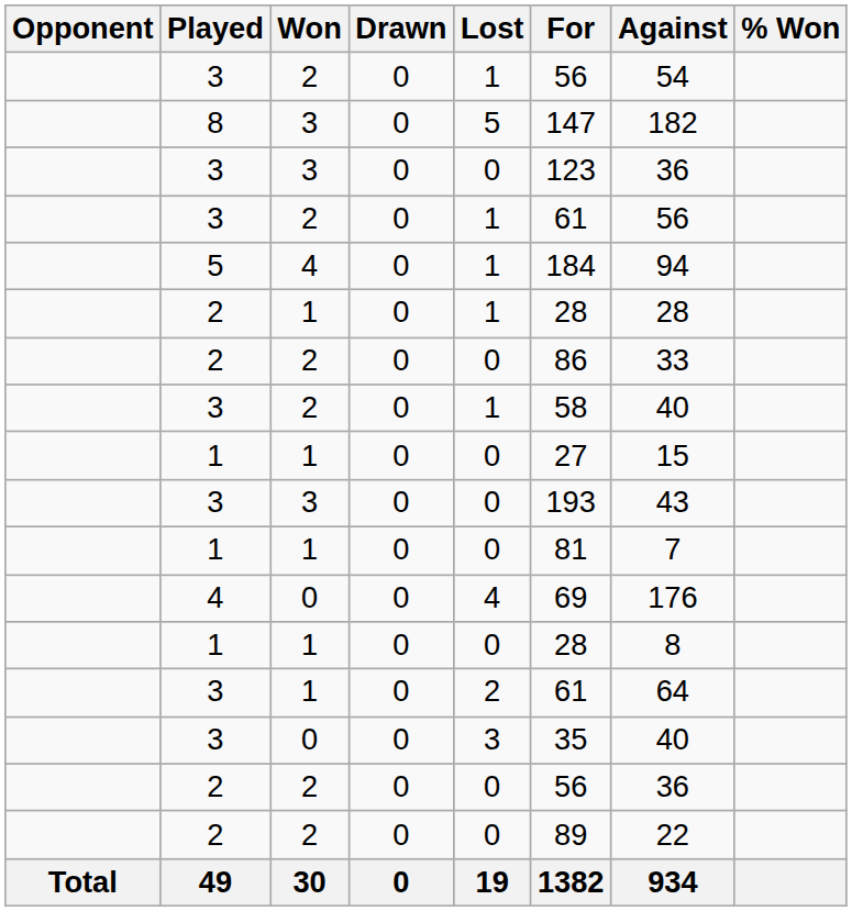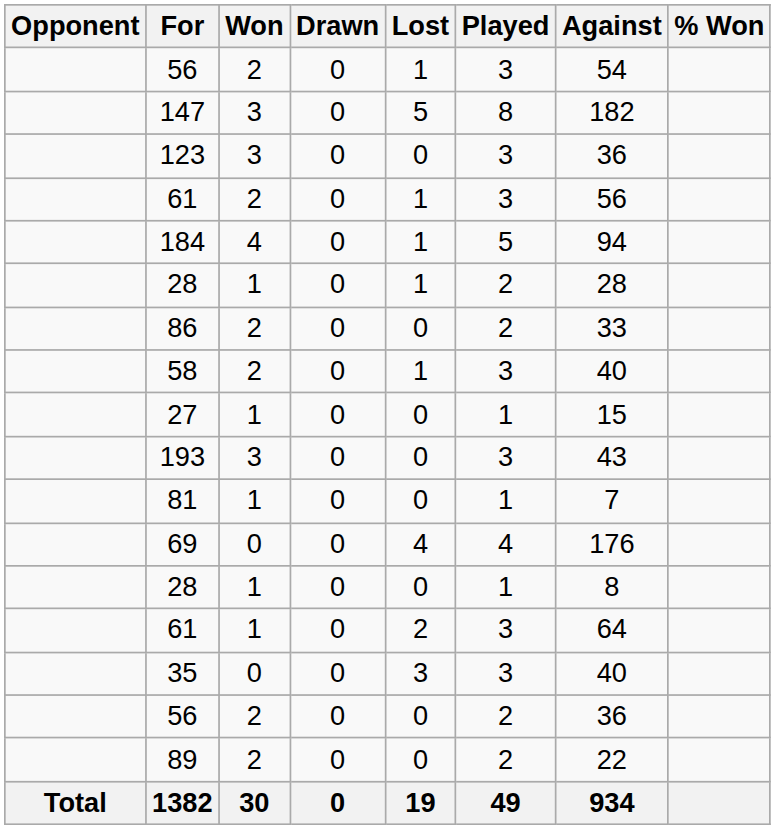 <table class="wikitable sortable" style="text-align:center">
 <tr>
 <th>Opponent</th>
-<th>Played</th>
+<th>For</th>
 <th>Won</th>
 <th>Drawn</th>
 <th>Lost</th>
-<th>For</th>
+<th>Played</th>
 <th>Against</th>
 <th>% Won</th>
 </tr>
 <tr>
 <td align="left"></td>
-<td>3</td>
+<td>56</td>
 <td>2</td>
 <td>0</td>
 <td>1</td>
-<td>56</td>
+<td>3</td>
 <td>54</td>
 <td></td>
 </tr>
 <tr>
 <td align="left"></td>
-<td>8</td>
+<td>147</td>
 <td>3</td>
 <td>0</td>
 <td>5</td>
-<td>147</td>
+<td>8</td>
 <td>182</td>
 <td></td>
 </tr>
 <tr>
 <td align="left"></td>
-<td>3</td>
+<td>123</td>
 <td>3</td>
 <td>0</td>
 <td>0</td>
-<td>123</td>
+<td>3</td>
 <td>36</td>
 <td></td>
 </tr>
 <tr>
 <td align="left"></td>
-<td>3</td>
+<td>61</td>
 <td>2</td>
 <td>0</td>
 <td>1</td>
-<td>61</td>
+<td>3</td>
 <td>56</td>
 <td></td>
 </tr>
 <tr>
 <td align="left"></td>
-<td>5</td>
+<td>184</td>
 <td>4</td>
 <td>0</td>
 <td>1</td>
-<td>184</td>
+<td>5</td>
 <td>94</td>
 <td></td>
 </tr>
 <tr>
 <td align="left"></td>
-<td>2</td>
+<td>28</td>
 <td>1</td>
 <td>0</td>
 <td>1</td>
-<td>28</td>
+<td>2</td>
 <td>28</td>
 <td></td>
 </tr>
 <tr>
 <td align="left"></td>
-<td>2</td>
+<td>86</td>
 <td>2</td>
 <td>0</td>
 <td>0</td>
-<td>86</td>
+<td>2</td>
 <td>33</td>
 <td></td>
 </tr>
 <tr>
 <td align="left"></td>
-<td>3</td>
+<td>58</td>
 <td>2</td>
 <td>0</td>
 <td>1</td>
-<td>58</td>
+<td>3</td>
 <td>40</td>
 <td></td>
 </tr>
 <tr>
 <td align="left"></td>
-<td>1</td>
+<td>27</td>
 <td>1</td>
 <td>0</td>
 <td>0</td>
-<td>27</td>
+<td>1</td>
 <td>15</td>
 <td></td>
 </tr>
 <tr>
 <td align="left"></td>
-<td>3</td>
+<td>193</td>
 <td>3</td>
 <td>0</td>
 <td>0</td>
-<td>193</td>
+<td>3</td>
 <td>43</td>
 <td></td>
 </tr>
 <tr>
 <td align="left"></td>
-<td>1</td>
+<td>81</td>
 <td>1</td>
 <td>0</td>
 <td>0</td>
-<td>81</td>
+<td>1</td>
 <td>7</td>
 <td></td>
 </tr>
 <tr>
 <td align="left"></td>
-<td>4</td>
+<td>69</td>
 <td>0</td>
 <td>0</td>
 <td>4</td>
-<td>69</td>
+<td>4</td>
 <td>176</td>
 <td></td>
 </tr>
 <tr>
 <td align="left"></td>
-<td>1</td>
+<td>28</td>
 <td>1</td>
 <td>0</td>
 <td>0</td>
-<td>28</td>
+<td>1</td>
 <td>8</td>
 <td></td>
 </tr>
 <tr>
 <td align="left"></td>
-<td>3</td>
+<td>61</td>
 <td>1</td>
 <td>0</td>
 <td>2</td>
-<td>61</td>
+<td>3</td>
 <td>64</td>
 <td></td>
 </tr>
 <tr>
 <td align="left"></td>
-<td>3</td>
+<td>35</td>
 <td>0</td>
 <td>0</td>
 <td>3</td>
-<td>35</td>
+<td>3</td>
 <td>40</td>
 <td></td>
 </tr>
 <tr>
 <td align="left"></td>
-<td>2</td>
+<td>56</td>
 <td>2</td>
 <td>0</td>
 <td>0</td>
-<td>56</td>
+<td>2</td>
 <td>36</td>
 <td></td>
 </tr>
 <tr>
 <td align="left"></td>
-<td>2</td>
+<td>89</td>
 <td>2</td>
 <td>0</td>
 <td>0</td>
-<td>89</td>
+<td>2</td>
 <td>22</td>
 <td></td>
 </tr>
 <tr class="sortbottom">
 <th>Total</th>
-<th>49</th>
+<th>1382</th>
 <th>30</th>
 <th>0</th>
 <th>19</th>
-<th>1382</th>
+<th>49</th>
 <th>934</th>
 <th></th>
 </tr>
 </table>
